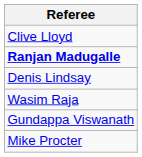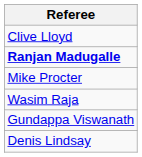 <table class="wikitable">
 <tr>
 <th>Referee</th>
 </tr>
 <tr>
 <td> <a href='#'>Clive Lloyd</a></td>
 </tr>
 <tr>
 <td><strong> <a href='#'>Ranjan Madugalle</a></strong></td>
 </tr>
 <tr>
-<td> <a href='#'>Denis Lindsay</a></td>
+<td> <a href='#'>Mike Procter</a></td>
 </tr>
 <tr>
 <td> <a href='#'>Wasim Raja</a></td>
 </tr>
 <tr>
 <td> <a href='#'>Gundappa Viswanath</a></td>
 </tr>
 <tr>
-<td> <a href='#'>Mike Procter</a></td>
+<td> <a href='#'>Denis Lindsay</a></td>
 </tr>
 </table>
